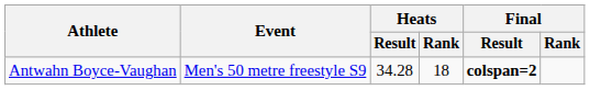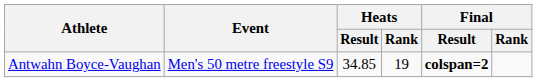 <table class="wikitable" style="text-align: center; font-size:90%">
 <tr>
 <th rowspan="2">Athlete</th>
 <th rowspan="2">Event</th>
 <th colspan="2">Heats</th>
 <th colspan="2">Final</th>
 </tr>
 <tr style="font-size:95%">
 <th>Result</th>
 <th>Rank</th>
 <th>Result</th>
 <th>Rank</th>
 </tr>
 <tr>
 <td align=left><a href='#'>Antwahn Boyce-Vaughan</a></td>
 <td align=left><a href='#'>Men's 50 metre freestyle S9</a></td>
-<td>34.28</td>
-<td>18</td>
+<td>34.85</td>
+<td>19</td>
 <td><strong>colspan=2 </strong></td>
 </tr>
 </table>
